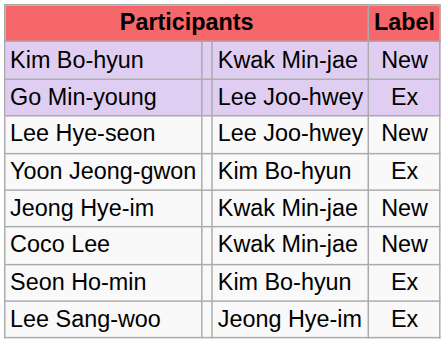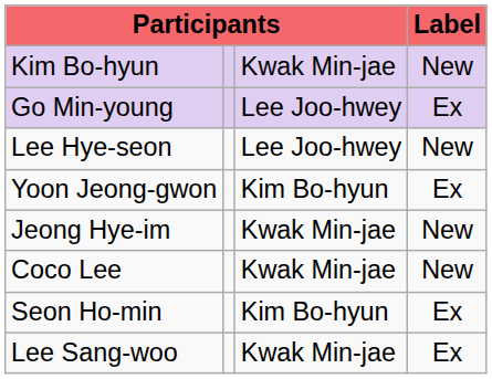 <table class="wikitable sortable" style="line-color:none">
 <tr style="background:#F6676C; font-weight:bold; text-align:center">
 <td colspan="3">Participants</td>
 <td>Label</td>
 </tr>
 <tr style="background:#E0CEF2;">
 <td>Kim Bo-hyun</td>
 <td></td>
 <td>Kwak Min-jae</td>
 <td style="text-align:center">New</td>
 </tr>
 <tr style="background:#E0CEF2;">
 <td>Go Min-young</td>
 <td></td>
 <td>Lee Joo-hwey</td>
 <td style="text-align:center">Ex</td>
 </tr>
 <tr>
 <td>Lee Hye-seon</td>
 <td></td>
 <td>Lee Joo-hwey</td>
 <td style="text-align:center">New</td>
 </tr>
 <tr>
 <td>Yoon Jeong-gwon</td>
 <td></td>
 <td>Kim Bo-hyun</td>
 <td style="text-align:center">Ex</td>
 </tr>
 <tr>
 <td>Jeong Hye-im</td>
 <td></td>
 <td>Kwak Min-jae</td>
 <td style="text-align:center">New</td>
 </tr>
 <tr>
 <td>Coco Lee</td>
 <td></td>
 <td>Kwak Min-jae</td>
 <td style="text-align:center">New</td>
 </tr>
 <tr>
 <td>Seon Ho-min</td>
 <td></td>
 <td>Kim Bo-hyun</td>
 <td style="text-align:center">Ex</td>
 </tr>
 <tr>
 <td>Lee Sang-woo</td>
 <td></td>
-<td>Jeong Hye-im</td>
+<td>Kwak Min-jae</td>
 <td style="text-align:center">Ex</td>
 </tr>
 </table>
